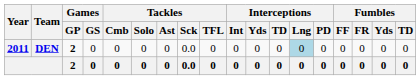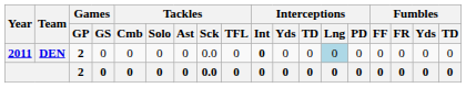 <table class="wikitable" style="text-align:center">
 <tr>
 <th rowspan="2">Year</th>
 <th rowspan="2">Team</th>
 <th colspan="2">Games</th>
 <th colspan="5">Tackles</th>
 <th colspan="5">Interceptions</th>
 <th colspan="4">Fumbles</th>
 </tr>
 <tr>
 <th>GP</th>
 <th>GS</th>
 <th>Cmb</th>
 <th>Solo</th>
 <th>Ast</th>
 <th>Sck</th>
 <th>TFL</th>
 <th>Int</th>
 <th>Yds</th>
 <th>TD</th>
 <th>Lng</th>
 <th>PD</th>
 <th>FF</th>
 <th>FR</th>
 <th>Yds</th>
 <th>TD</th>
 </tr>
 <tr>
 <th><a href='#'>2011</a></th>
 <th><a href='#'>DEN</a></th>
 <td><strong>2</strong></td>
 <td>0</td>
 <td>0</td>
 <td>0</td>
 <td>0</td>
 <td>0.0</td>
 <td>0</td>
-<td>0</td>
+<td><strong>0</strong></td>
 <td>0</td>
 <td>0</td>
 <td style="background: lightblue;">0</td>
 <td>0</td>
 <td>0</td>
 <td>0</td>
 <td>0</td>
 <td>0</td>
 </tr>
 <tr>
 <th colspan="2"></th>
 <th>2</th>
 <th>0</th>
 <th>0</th>
 <th>0</th>
 <th>0</th>
 <th>0.0</th>
 <th>0</th>
 <th>0</th>
 <th>0</th>
 <th>0</th>
 <th>0</th>
 <th>0</th>
 <th>0</th>
 <th>0</th>
 <th>0</th>
 <th>0</th>
 </tr>
 </table>
